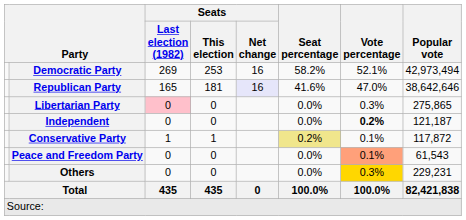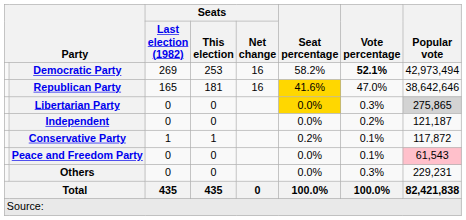 <table class=wikitable style="text-align:center">
 <tr valign=bottom>
 <th rowspan=2 colspan=2>Party</th>
 <th colspan=3>Seats</th>
 <th rowspan=2>Seat<br>percentage</th>
 <th rowspan=2>Vote<br>percentage</th>
 <th rowspan=2>Popular<br>vote</th>
 </tr>
 <tr valign=bottom>
 <th><a href='#'>Last<br>election<br>(1982)</a></th>
 <th>This<br>election</th>
 <th>Net<br>change</th>
 </tr>
 <tr>
 <td></td>
 <th><a href='#'>Democratic Party</a></th>
 <td>269</td>
 <td>253</td>
 <td> 16</td>
 <td>58.2%</td>
-<td>52.1%</td>
+<td><strong>52.1%</strong></td>
 <td>42,973,494</td>
 </tr>
 <tr>
 <td></td>
 <th><a href='#'>Republican Party</a></th>
 <td>165</td>
 <td>181</td>
-<td style="background: lavender;"> 16</td>
-<td>41.6%</td>
+<td> 16</td>
+<td style="background: gold;">41.6%</td>
 <td>47.0%</td>
 <td>38,642,646</td>
 </tr>
 <tr>
 <td></td>
 <th><a href='#'>Libertarian Party</a></th>
-<td style="background: pink;">0</td>
+<td>0</td>
 <td>0</td>
 <td></td>
-<td>0.0%</td>
+<td style="background: gold;">0.0%</td>
 <td>0.3%</td>
-<td>275,865</td>
+<td style="background: lightgrey;">275,865</td>
 </tr>
 <tr>
 <td></td>
 <th><a href='#'>Independent</a></th>
 <td>0</td>
 <td>0</td>
 <td></td>
 <td>0.0%</td>
-<td><strong>0.2%</strong></td>
+<td>0.2%</td>
 <td>121,187</td>
 </tr>
 <tr>
 <td></td>
 <th><a href='#'>Conservative Party</a></th>
 <td>1</td>
 <td>1</td>
 <td></td>
-<td style="background: khaki;">0.2%</td>
+<td>0.2%</td>
 <td>0.1%</td>
 <td>117,872</td>
 </tr>
 <tr>
 <td></td>
 <th><a href='#'>Peace and Freedom Party</a></th>
 <td>0</td>
 <td>0</td>
 <td></td>
 <td>0.0%</td>
-<td style="background: lightsalmon;">0.1%</td>
-<td>61,543</td>
+<td>0.1%</td>
+<td style="background: pink;">61,543</td>
 </tr>
 <tr>
 <td></td>
 <th>Others</th>
 <td>0</td>
 <td>0</td>
 <td></td>
 <td>0.0%</td>
-<td style="background: gold;">0.3%</td>
+<td>0.3%</td>
 <td>229,231</td>
 </tr>
 <tr>
 <th colspan=2>Total</th>
 <th>435</th>
 <th>435</th>
 <th>0</th>
 <th>100.0%</th>
 <th>100.0%</th>
 <th>82,421,838</th>
 </tr>
 <tr bgcolor=E9E9E9>
 <td align="left" colspan=9>Source: </td>
 </tr>
 </table>
